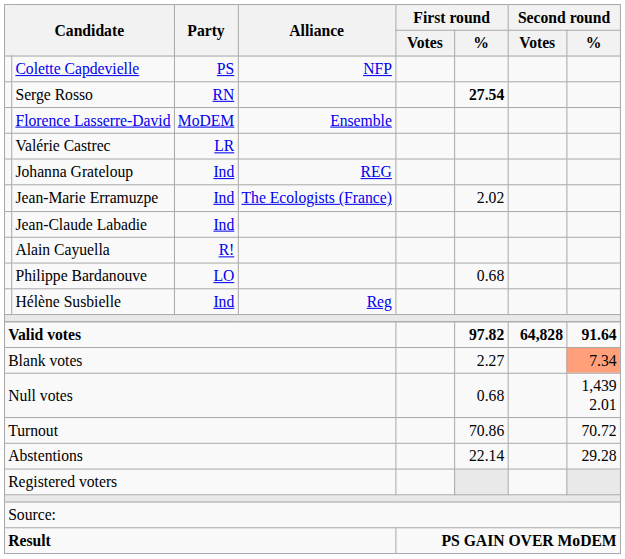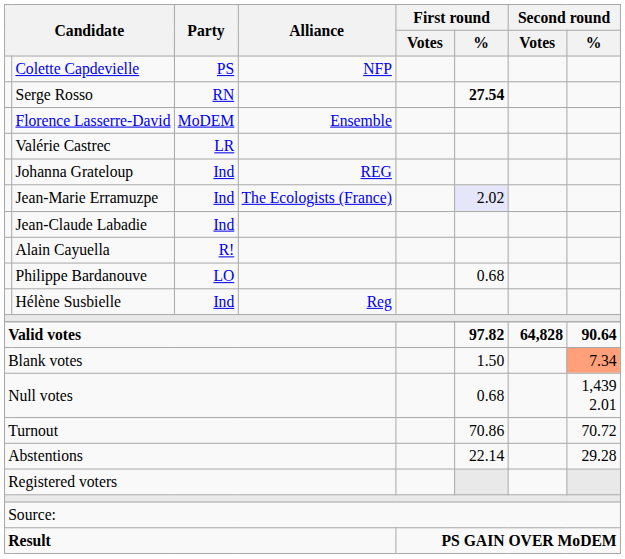 <table class="wikitable" style="text-align:right;font-size:95%;">
 <tr>
 <th colspan="2" rowspan="2">Candidate</th>
 <th colspan="1" rowspan="2">Party</th>
 <th colspan="1" rowspan="2">Alliance</th>
 <th colspan="2">First round</th>
 <th colspan="2">Second round</th>
 </tr>
 <tr>
 <th style="width:50px;">Votes</th>
 <th style="width:45px;">%</th>
 <th style="width:50px;">Votes</th>
 <th style="width:45px;">%</th>
 </tr>
 <tr>
 <td style="color:inherit;background:"></td>
 <td style="text-align:left;"><a href='#'>Colette Capdevielle</a></td>
 <td><a href='#'>PS</a></td>
 <td><a href='#'>NFP</a></td>
 <td><strong></strong></td>
 <td><strong></strong></td>
 <td><strong></strong></td>
 <td><strong></strong></td>
 </tr>
 <tr>
 <td style="color:inherit;background:"></td>
 <td style="text-align:left;">Serge Rosso</td>
 <td><a href='#'>RN</a></td>
 <td></td>
 <td><strong></strong></td>
 <td><strong>27.54</strong></td>
 <td></td>
 <td></td>
 </tr>
 <tr>
 <td style="color:inherit;background:"></td>
 <td style="text-align:left;"><a href='#'>Florence Lasserre-David</a></td>
 <td><a href='#'>MoDEM</a></td>
 <td><a href='#'>Ensemble</a></td>
 <td></td>
 <td></td>
 <td></td>
 <td></td>
 </tr>
 <tr>
 <td style="color:inherit;background:"></td>
 <td style="text-align:left;">Valérie Castrec</td>
 <td><a href='#'>LR</a></td>
 <td></td>
 <td></td>
 <td></td>
 <td></td>
 <td></td>
 </tr>
 <tr>
 <td style="color:inherit;background:"></td>
 <td style="text-align:left;">Johanna Grateloup</td>
 <td><a href='#'>Ind</a></td>
 <td><a href='#'>REG</a></td>
 <td></td>
 <td></td>
 <td></td>
 <td></td>
 </tr>
 <tr>
 <td style="color:inherit;background:"></td>
 <td style="text-align:left;">Jean-Marie Erramuzpe</td>
 <td><a href='#'>Ind</a></td>
 <td><a href='#'>The Ecologists (France)</a></td>
 <td></td>
-<td>2.02</td>
+<td style="background: lavender;">2.02</td>
 <td></td>
 <td></td>
 </tr>
 <tr>
 <td style="color:inherit;background:"></td>
 <td style="text-align:left;">Jean-Claude Labadie</td>
 <td><a href='#'>Ind</a></td>
 <td></td>
 <td></td>
 <td></td>
 <td></td>
 <td></td>
 </tr>
 <tr>
 <td style="color:inherit;background:"></td>
 <td style="text-align:left;">Alain Cayuella</td>
 <td><a href='#'>R!</a></td>
 <td></td>
 <td></td>
 <td></td>
 <td></td>
 <td></td>
 </tr>
 <tr>
 <td style="color:inherit;background:"></td>
 <td style="text-align:left;">Philippe Bardanouve</td>
 <td><a href='#'>LO</a></td>
 <td></td>
 <td></td>
 <td>0.68</td>
 <td></td>
 <td></td>
 </tr>
 <tr>
 <td style="color:inherit;background:"></td>
 <td style="text-align:left;">Hélène Susbielle</td>
 <td><a href='#'>Ind</a></td>
 <td><a href='#'>Reg</a></td>
 <td></td>
 <td></td>
 <td></td>
 <td></td>
 </tr>
 <tr>
 <td colspan="8" style="background:#E9E9E9;"></td>
 </tr>
 <tr>
 </tr>
 <tr style="font-weight:bold;">
 <td colspan="4" style="text-align:left;">Valid votes</td>
 <td></td>
 <td>97.82</td>
 <td>64,828</td>
-<td>91.64</td>
+<td>90.64</td>
 </tr>
 <tr>
 <td colspan="4" style="text-align:left;">Blank votes</td>
 <td></td>
-<td>2.27</td>
+<td>1.50</td>
 <td></td>
 <td style="background: lightsalmon;">7.34</td>
 </tr>
 <tr>
 <td colspan="4" style="text-align:left;">Null votes</td>
 <td></td>
 <td>0.68</td>
 <td></td>
 <td>1,439	2.01</td>
 </tr>
 <tr>
 <td colspan="4" style="text-align:left;">Turnout</td>
 <td></td>
 <td>70.86</td>
 <td></td>
 <td>70.72</td>
 </tr>
 <tr>
 <td colspan="4" style="text-align:left;">Abstentions</td>
 <td></td>
 <td>22.14</td>
 <td></td>
 <td>29.28</td>
 </tr>
 <tr>
 <td colspan="4" style="text-align:left;">Registered voters</td>
 <td></td>
 <td style="background:#E9E9E9;"></td>
 <td></td>
 <td style="background:#E9E9E9;"></td>
 </tr>
 <tr>
 <td colspan="8" style="background:#E9E9E9;"></td>
 </tr>
 <tr>
 <td colspan="8" style="text-align:left;">Source: </td>
 </tr>
 <tr style="font-weight:bold">
 <td colspan="4" style="text-align:left;">Result</td>
 <td colspan="4" style="background-color:">PS GAIN OVER MoDEM</td>
 </tr>
 </table>
